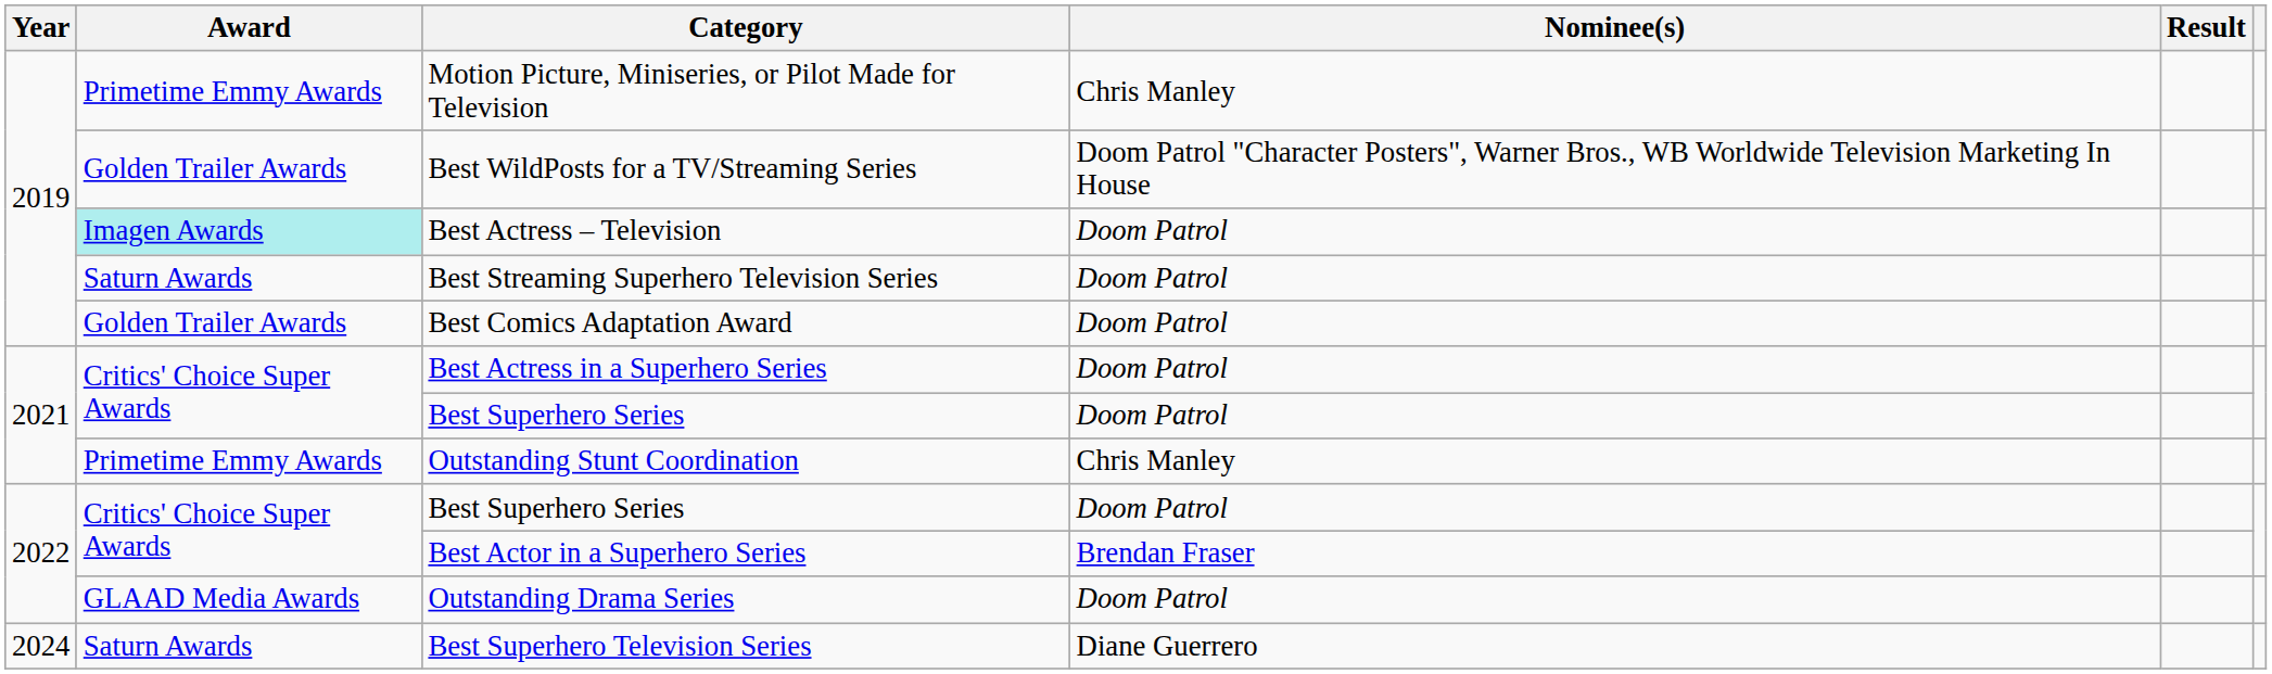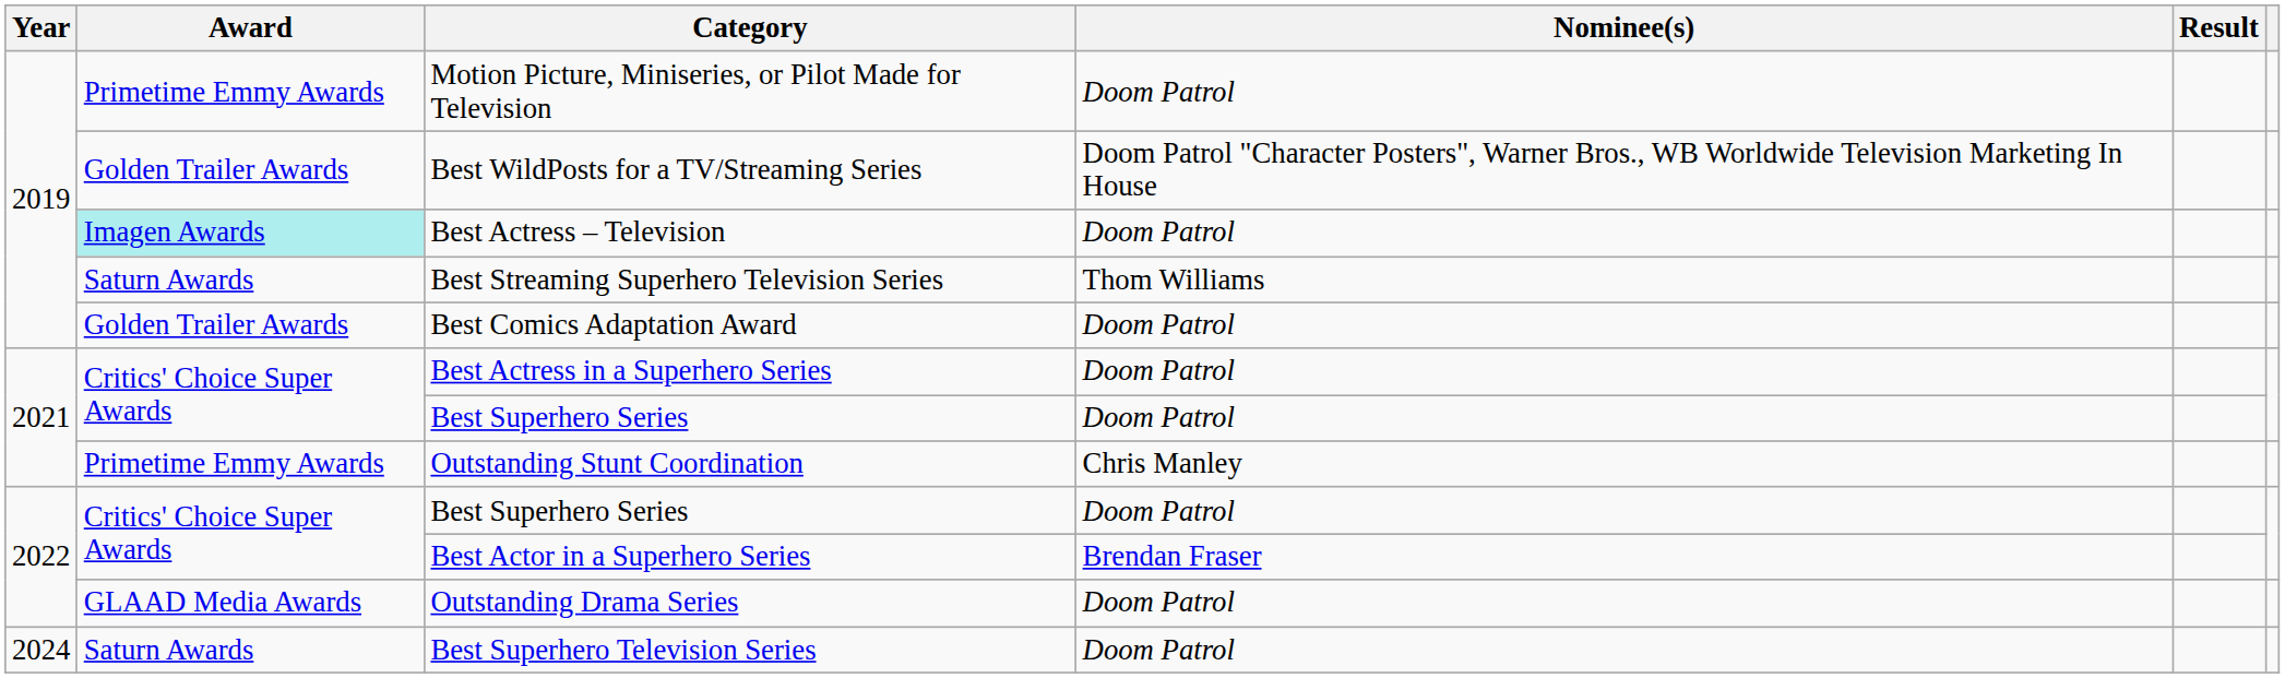 <table class="wikitable sortable"">
 <tr>
 <th scope="col">Year</th>
 <th scope="col">Award</th>
 <th scope="col">Category</th>
 <th scope="col">Nominee(s)</th>
 <th scope="col">Result</th>
 <th scope="col" class="unsortable"></th>
 </tr>
 <tr>
 <td rowspan="5">2019</td>
 <td><a href='#'>Primetime Emmy Awards</a></td>
 <td>Motion Picture, Miniseries, or Pilot Made for Television</td>
-<td data-sort-value="Manley, Chris">Chris Manley</td>
+<td><em>Doom Patrol</em></td>
 <td></td>
 <td style="text-align:center;"></td>
 </tr>
 <tr>
 <td><a href='#'>Golden Trailer Awards</a></td>
 <td>Best WildPosts for a TV/Streaming Series</td>
 <td>Doom Patrol "Character Posters", Warner Bros., WB Worldwide Television Marketing In House</td>
 <td></td>
 <td style="text-align:center;"></td>
 </tr>
 <tr>
 <td style="background: paleturquoise;"><a href='#'>Imagen Awards</a></td>
 <td>Best Actress – Television</td>
 <td><em>Doom Patrol</em></td>
 <td></td>
 <td style="text-align:center;"></td>
 </tr>
 <tr>
 <td><a href='#'>Saturn Awards</a></td>
 <td>Best Streaming Superhero Television Series</td>
-<td><em>Doom Patrol</em></td>
+<td>Thom Williams</td>
 <td></td>
 <td style="text-align:center;"></td>
 </tr>
 <tr>
 <td><a href='#'>Golden Trailer Awards</a></td>
 <td>Best Comics Adaptation Award</td>
 <td><em>Doom Patrol</em></td>
 <td></td>
 <td style="text-align:center;"></td>
 </tr>
 <tr>
 <td rowspan="3">2021</td>
 <td rowspan="2"><a href='#'>Critics' Choice Super Awards</a></td>
 <td><a href='#'>Best Actress in a Superhero Series</a></td>
 <td><em>Doom Patrol</em></td>
 <td></td>
 <td rowspan="2" style="text-align:center;"></td>
 </tr>
 <tr>
 <td><a href='#'>Best Superhero Series</a></td>
 <td><em>Doom Patrol</em></td>
 <td></td>
 </tr>
 <tr>
 <td><a href='#'>Primetime Emmy Awards</a></td>
 <td><a href='#'>Outstanding Stunt Coordination</a></td>
 <td data-sort-value="Manley, Chris">Chris Manley</td>
 <td></td>
 <td style="text-align:center;"></td>
 </tr>
 <tr>
 <td rowspan="3">2022</td>
 <td rowspan="2"><a href='#'>Critics' Choice Super Awards</a></td>
 <td>Best Superhero Series</td>
 <td><em>Doom Patrol</em></td>
 <td></td>
 <td rowspan="2" style="text-align:center;"></td>
 </tr>
 <tr>
 <td><a href='#'>Best Actor in a Superhero Series</a></td>
 <td data-sort-value="Fraser, Brendan"><a href='#'>Brendan Fraser</a></td>
 <td></td>
 </tr>
 <tr>
 <td><a href='#'>GLAAD Media Awards</a></td>
 <td><a href='#'>Outstanding Drama Series</a></td>
 <td><em>Doom Patrol</em></td>
 <td></td>
 <td style="text-align:center;"></td>
 </tr>
 <tr>
 <td>2024</td>
 <td><a href='#'>Saturn Awards</a></td>
 <td><a href='#'>Best Superhero Television Series</a></td>
-<td data-sort-value="Guerrero, Diane">Diane Guerrero</td>
+<td><em>Doom Patrol</em></td>
 <td></td>
 <td style="text-align: center"></td>
 </tr>
 </table>
